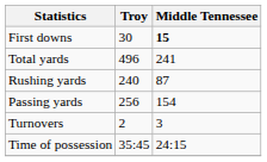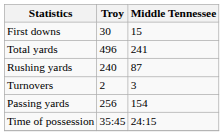 <table class="wikitable">
 <tr>
 <th>Statistics</th>
 <th>Troy</th>
 <th>Middle Tennessee</th>
 </tr>
 <tr>
 <td>First downs</td>
 <td>30</td>
-<td><strong>15</strong></td>
+<td>15</td>
 </tr>
 <tr>
 <td>Total yards</td>
 <td>496</td>
 <td>241</td>
 </tr>
 <tr>
 <td>Rushing yards</td>
 <td>240</td>
 <td>87</td>
 </tr>
 <tr>
+<td>Turnovers</td>
+<td>2</td>
+<td>3</td>
+</tr>
+<tr>
 <td>Passing yards</td>
 <td>256</td>
 <td>154</td>
-</tr>
-<tr>
-<td>Turnovers</td>
-<td>2</td>
-<td>3</td>
 </tr>
 <tr>
 <td>Time of possession</td>
 <td>35:45</td>
 <td>24:15</td>
 </tr>
 <tr>
 </tr>
 </table>
